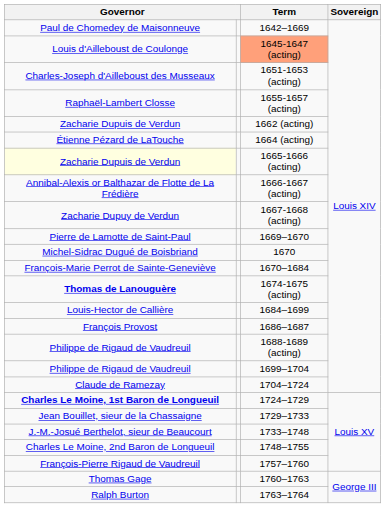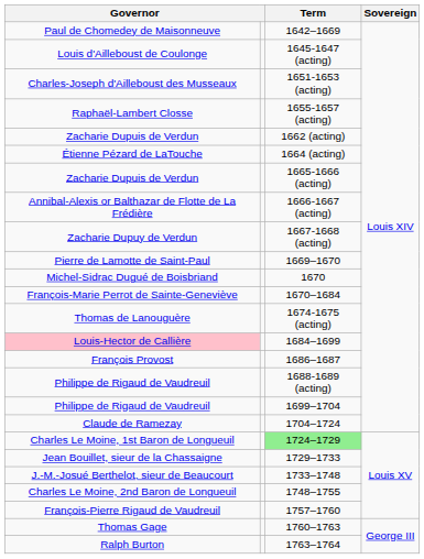 <table class="wikitable" style="text-align:center">
 <tr>
 <th colspan=2>Governor</th>
 <th>Term</th>
 <th>Sovereign</th>
 </tr>
 <tr>
 <td><a href='#'>Paul de Chomedey de Maisonneuve</a></td>
 <td></td>
 <td>1642–1669</td>
 <td rowspan="18"><a href='#'>Louis XIV</a></td>
 </tr>
 <tr>
 <td><a href='#'>Louis d'Ailleboust de Coulonge</a></td>
 <td></td>
-<td style="background: lightsalmon;">1645-1647 (acting)</td>
+<td>1645-1647 (acting)</td>
 </tr>
 <tr>
 <td><a href='#'>Charles-Joseph d'Ailleboust des Musseaux</a></td>
 <td></td>
 <td>1651-1653 (acting)</td>
 </tr>
 <tr>
 <td><a href='#'>Raphaël-Lambert Closse</a></td>
 <td></td>
 <td>1655-1657 (acting)</td>
 </tr>
 <tr>
 <td><a href='#'>Zacharie Dupuis de Verdun</a></td>
 <td></td>
 <td>1662 (acting)</td>
 </tr>
 <tr>
 <td><a href='#'>Étienne Pézard de LaTouche</a></td>
 <td></td>
 <td>1664 (acting)</td>
 </tr>
 <tr>
-<td style="background: lightyellow;"><a href='#'>Zacharie Dupuis de Verdun</a></td>
+<td><a href='#'>Zacharie Dupuis de Verdun</a></td>
 <td></td>
 <td>1665-1666 (acting)</td>
 </tr>
 <tr>
 <td><a href='#'>Annibal-Alexis or Balthazar de Flotte de La Frédière</a></td>
 <td></td>
 <td>1666-1667 (acting)</td>
 </tr>
 <tr>
 <td><a href='#'>Zacharie Dupuy de Verdun</a></td>
 <td></td>
 <td>1667-1668 (acting)</td>
 </tr>
 <tr>
 <td><a href='#'>Pierre de Lamotte de Saint-Paul</a></td>
 <td></td>
 <td>1669–1670</td>
 </tr>
 <tr>
 <td><a href='#'>Michel-Sidrac Dugué de Boisbriand</a></td>
 <td></td>
 <td>1670</td>
 </tr>
 <tr>
 <td><a href='#'>François-Marie Perrot de Sainte-Geneviève</a></td>
 <td></td>
 <td>1670–1684</td>
 </tr>
 <tr>
-<td><strong><a href='#'>Thomas de Lanouguère</a></strong></td>
+<td><a href='#'>Thomas de Lanouguère</a></td>
 <td></td>
 <td>1674-1675 (acting)</td>
 </tr>
 <tr>
-<td><a href='#'>Louis-Hector de Callière</a></td>
+<td style="background: pink;"><a href='#'>Louis-Hector de Callière</a></td>
 <td></td>
 <td>1684–1699</td>
 </tr>
 <tr>
 <td><a href='#'>François Provost</a></td>
 <td></td>
 <td>1686–1687</td>
 </tr>
 <tr>
 <td><a href='#'>Philippe de Rigaud de Vaudreuil</a></td>
 <td></td>
 <td>1688-1689  (acting)</td>
 </tr>
 <tr>
 <td><a href='#'>Philippe de Rigaud de Vaudreuil</a></td>
 <td></td>
 <td>1699–1704</td>
 </tr>
 <tr>
 <td><a href='#'>Claude de Ramezay</a></td>
 <td></td>
 <td>1704–1724</td>
 </tr>
 <tr>
-<td><strong><a href='#'>Charles Le Moine, 1st Baron de Longueuil</a></strong></td>
+<td><a href='#'>Charles Le Moine, 1st Baron de Longueuil</a></td>
 <td></td>
-<td>1724–1729</td>
+<td style="background: lightgreen;">1724–1729</td>
 <td rowspan="5"><a href='#'>Louis XV</a></td>
 </tr>
 <tr>
 <td><a href='#'>Jean Bouillet, sieur de la Chassaigne</a></td>
 <td></td>
 <td>1729–1733</td>
 </tr>
 <tr>
 <td><a href='#'>J.-M.-Josué Berthelot, sieur de Beaucourt</a></td>
 <td></td>
 <td>1733–1748</td>
 </tr>
 <tr>
 <td><a href='#'>Charles Le Moine, 2nd Baron de Longueuil</a></td>
 <td></td>
 <td>1748–1755</td>
 </tr>
 <tr>
 <td><a href='#'>François-Pierre Rigaud de Vaudreuil</a></td>
 <td></td>
 <td>1757–1760</td>
 </tr>
 <tr>
 <td><a href='#'>Thomas Gage</a></td>
 <td></td>
 <td>1760–1763</td>
 <td rowspan="2"><a href='#'>George III</a></td>
 </tr>
 <tr>
 <td><a href='#'>Ralph Burton</a></td>
 <td></td>
 <td>1763–1764</td>
 </tr>
 </table>
